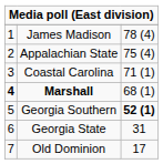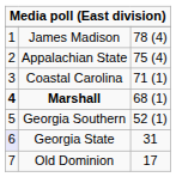 <table class="wikitable" style="display: inline-table;">
 <tr>
 <td align="center" Colspan="3"><strong>Media poll (East division)</strong></td>
 </tr>
 <tr align="center">
 </tr>
 <tr align="center">
 <td>1</td>
 <td>James Madison</td>
 <td>78 (4)</td>
 </tr>
 <tr align="center">
 <td>2</td>
 <td>Appalachian State</td>
 <td>75 (4)</td>
 </tr>
 <tr align="center">
 <td>3</td>
 <td>Coastal Carolina</td>
 <td>71 (1)</td>
 </tr>
 <tr align="center">
 <td><strong>4</strong></td>
 <td><strong>Marshall</strong></td>
 <td>68 (1)</td>
 </tr>
 <tr align="center">
 <td>5</td>
 <td>Georgia Southern</td>
-<td><strong>52 (1)</strong></td>
+<td>52 (1)</td>
 </tr>
 <tr align="center">
-<td>6</td>
+<td style="background: lavender;">6</td>
 <td>Georgia State</td>
 <td>31</td>
 </tr>
 <tr align="center">
 <td>7</td>
 <td>Old Dominion</td>
 <td>17</td>
 </tr>
 </table>
